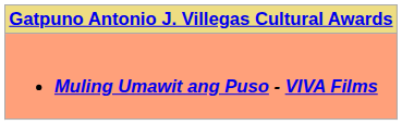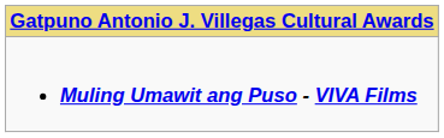 <table class=wikitable>
 <tr>
 <th style="background:#EEDD82; width:100%"><a href='#'>Gatpuno Antonio J. Villegas Cultural Awards</a></th>
 </tr>
 <tr>
-<td valign="top" style="background: lightsalmon;"><br><ul><li><strong><em><a href='#'>Muling Umawit ang Puso</a><em> - <a href='#'>VIVA Films</a><strong></li></ul></td>
+<td valign="top"><br><ul><li><strong><em><a href='#'>Muling Umawit ang Puso</a><em> - <a href='#'>VIVA Films</a><strong></li></ul></td>
 </tr>
 </table>
